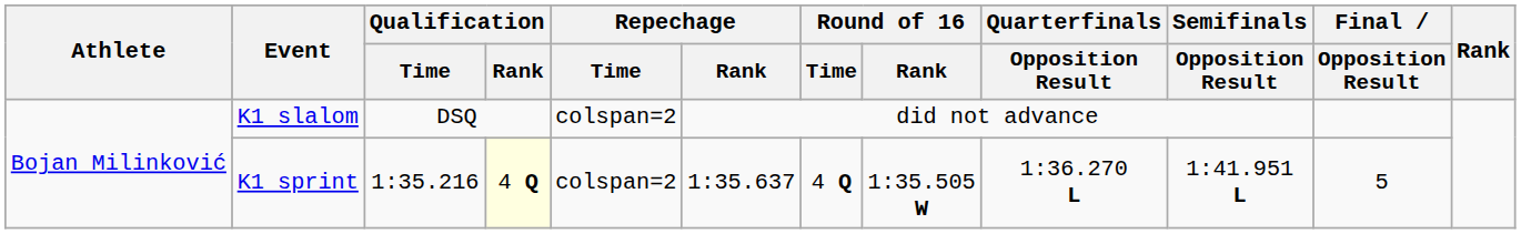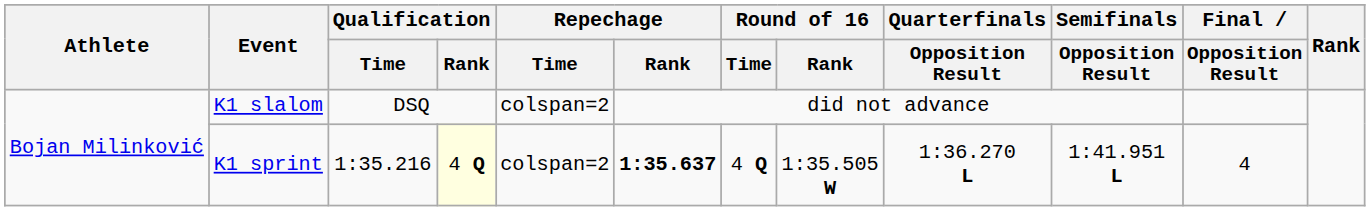 <table class="wikitable" style="font-size:90%;">
 <tr>
 <th rowspan=2>Athlete</th>
 <th rowspan=2>Event</th>
 <th colspan=2>Qualification</th>
 <th colspan=2>Repechage</th>
 <th colspan=2>Round of 16</th>
 <th>Quarterfinals</th>
 <th>Semifinals</th>
 <th>Final / </th>
 <th rowspan=2>Rank</th>
 </tr>
 <tr style="font-size:95%">
 <th>Time</th>
 <th>Rank</th>
 <th>Time</th>
 <th>Rank</th>
 <th>Time</th>
 <th>Rank</th>
 <th>Opposition <br>Result</th>
 <th>Opposition <br>Result</th>
 <th>Opposition <br>Result</th>
 </tr>
 <tr align=center>
 <td rowspan=2 align=left><a href='#'>Bojan Milinković</a></td>
 <td align=left><a href='#'>K1 slalom</a></td>
 <td colspan=2>DSQ</td>
 <td>colspan=2 </td>
 <td colspan=5>did not advance</td>
 <td></td>
 </tr>
 <tr align=center>
 <td align=left><a href='#'>K1 sprint</a></td>
 <td>1:35.216</td>
 <td style="background: lightyellow;">4 <strong>Q</strong></td>
 <td>colspan=2 </td>
-<td>1:35.637</td>
+<td><strong>1:35.637</strong></td>
 <td>4 <strong>Q</strong></td>
 <td><br>1:35.505<br><strong>W</strong></td>
 <td>1:36.270<br><strong>L</strong></td>
 <td>1:41.951<br><strong>L</strong></td>
-<td>5</td>
+<td>4</td>
 </tr>
 </table>
